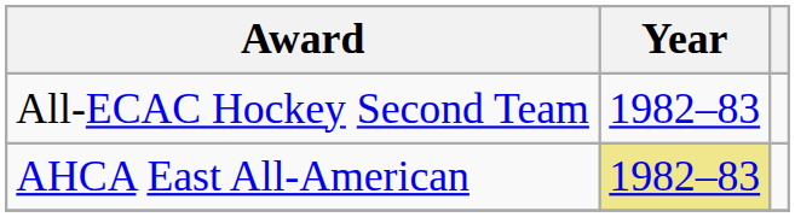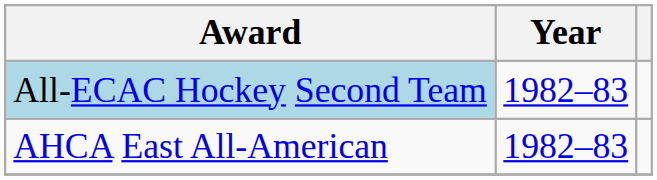 <table class="wikitable">
 <tr>
 <th>Award</th>
 <th>Year</th>
 <th></th>
 </tr>
 <tr>
-<td>All-<a href='#'>ECAC Hockey</a> <a href='#'>Second Team</a></td>
+<td style="background: lightblue;">All-<a href='#'>ECAC Hockey</a> <a href='#'>Second Team</a></td>
 <td><a href='#'>1982–83</a></td>
 <td></td>
 </tr>
 <tr>
 <td><a href='#'>AHCA</a> <a href='#'>East All-American</a></td>
-<td style="background: khaki;"><a href='#'>1982–83</a></td>
+<td><a href='#'>1982–83</a></td>
 <td></td>
 </tr>
 <tr>
 </tr>
 </table>
